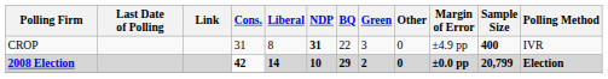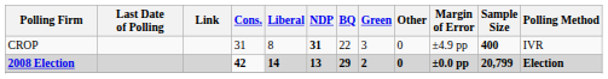 <table class="wikitable sortable">
 <tr style="background:#e9e9e9;">
 <th style="width:120px">Polling Firm</th>
 <th style="width:110px">Last Date<br>of Polling</th>
 <th style="width:60px" class="unsortable">Link</th>
 <th style="background-color:"><strong><a href='#'>Cons.</a></strong></th>
 <th style="background-color:"><strong><a href='#'>Liberal</a></strong></th>
 <th style="background-color:"><strong><a href='#'>NDP</a></strong></th>
 <th style="background-color:"><strong><a href='#'>BQ</a></strong></th>
 <th style="background-color:"><strong><a href='#'>Green</a></strong></th>
 <th style="background-color:"><strong>Other</strong></th>
 <th style="width:60px;" class=unsortable>Margin<br>of Error</th>
 <th style="width:50px;" class=unsortable>Sample<br>Size</th>
 <th class=unsortable>Polling Method</th>
 </tr>
 <tr>
 <td>CROP</td>
 <td></td>
 <td></td>
 <td>31</td>
 <td>8</td>
 <td><strong>31</strong></td>
 <td>22</td>
 <td>3</td>
 <td>0</td>
 <td>±4.9 pp</td>
 <td><strong>400</strong></td>
 <td>IVR</td>
 </tr>
 <tr>
 <td style="background:#D5D5D5"><strong><a href='#'>2008 Election</a></strong></td>
 <td style="background:#D5D5D5"><strong></strong></td>
 <td style="background:#D5D5D5"></td>
 <td><strong>42</strong></td>
 <td style="background:#D5D5D5"><strong>14</strong></td>
-<td style="background:#D5D5D5"><strong>10</strong></td>
+<td style="background:#D5D5D5"><strong>13</strong></td>
 <td style="background:#D5D5D5"><strong>29</strong></td>
 <td style="background:#D5D5D5"><strong>2</strong></td>
 <td style="background:#D5D5D5"><strong>0</strong></td>
 <td style="background:#D5D5D5"><strong>±0.0 pp</strong></td>
 <td style="background:#D5D5D5"><strong>20,799</strong></td>
 <td style="background:#D5D5D5"><strong>Election</strong></td>
 </tr>
 <tr>
 </tr>
 <tr>
 </tr>
 </table>
